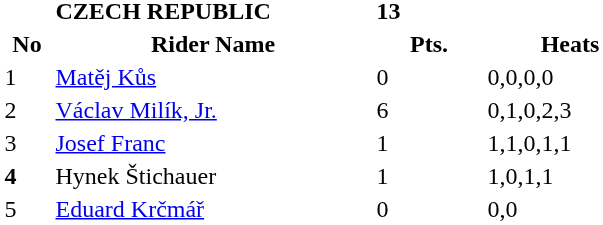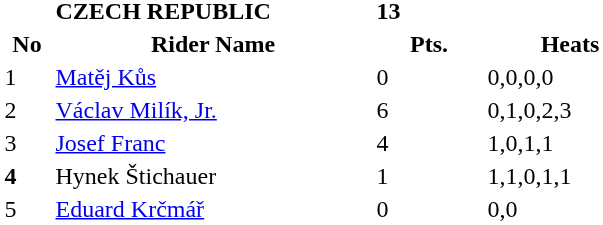 <table class="toccolours">
 <tr>
 <td></td>
 <td><strong>CZECH REPUBLIC</strong></td>
 <td><strong>13</strong></td>
 </tr>
 <tr style="background-color:">
 <th width=30px>No</th>
 <th width=210px>Rider Name</th>
 <th width=70px>Pts.</th>
 <th width=110px>Heats</th>
 </tr>
 <tr style="background-color:">
 <td>1</td>
 <td><a href='#'>Matěj Kůs</a></td>
 <td>0</td>
 <td>0,0,0,0</td>
 </tr>
 <tr style="background-color:">
 <td>2</td>
 <td><a href='#'>Václav Milík, Jr.</a></td>
 <td>6</td>
 <td>0,1,0,2,3</td>
 </tr>
 <tr style="background-color:">
 <td>3</td>
 <td><a href='#'>Josef Franc</a></td>
-<td>1</td>
-<td>1,1,0,1,1</td>
+<td>4</td>
+<td>1,0,1,1</td>
 </tr>
 <tr style="background-color:">
 <td><strong>4</strong></td>
 <td>Hynek Štichauer</td>
 <td>1</td>
-<td>1,0,1,1</td>
+<td>1,1,0,1,1</td>
 </tr>
 <tr style="background-color:">
 <td>5</td>
 <td><a href='#'>Eduard Krčmář</a></td>
 <td>0</td>
 <td>0,0</td>
 </tr>
 </table>
